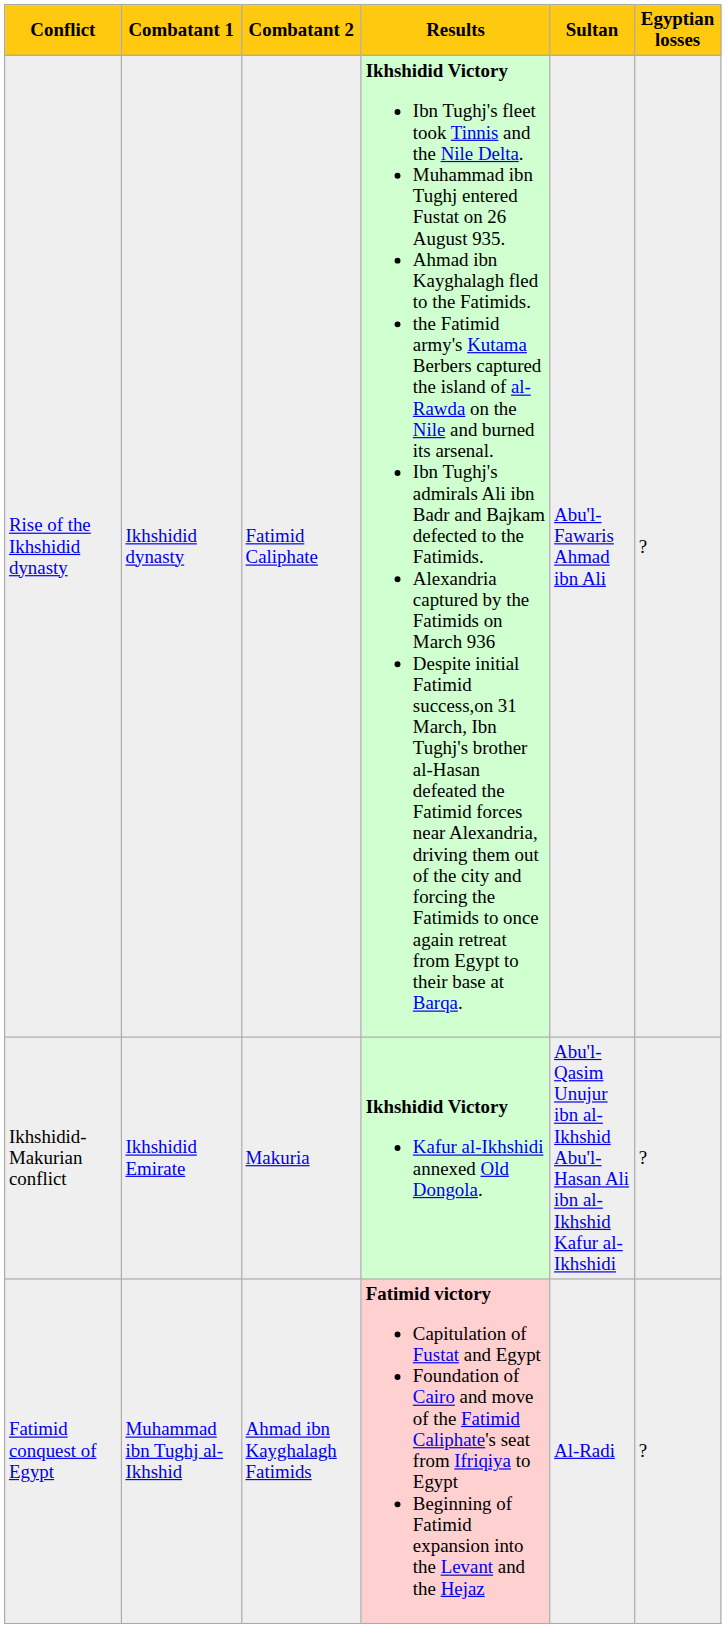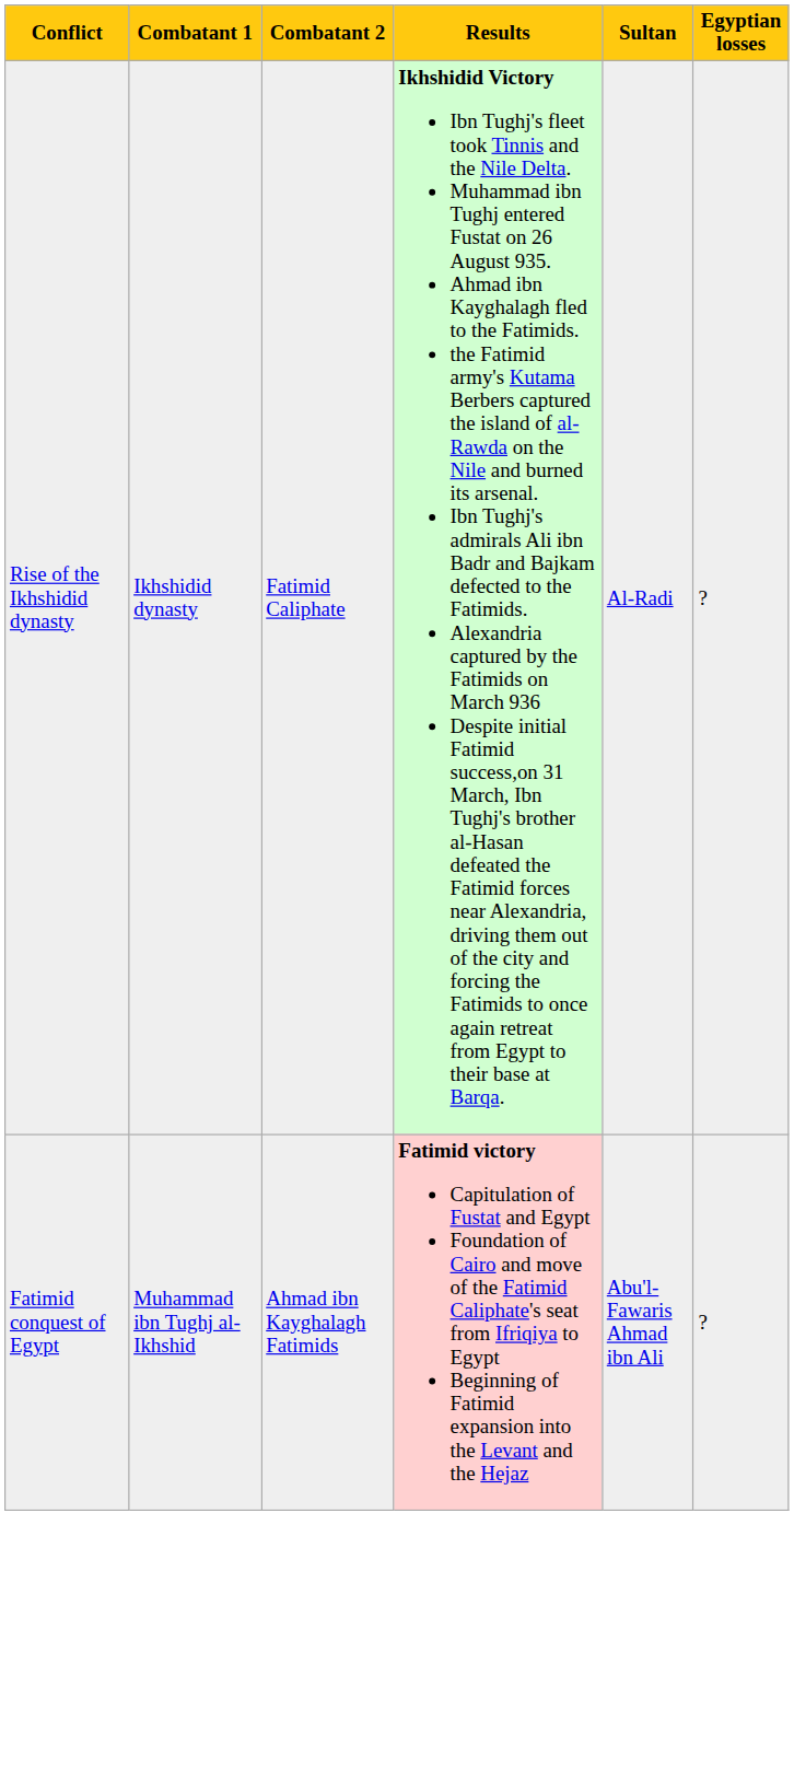 <table class="wikitable">
 <tr>
 <th rowspan="1" style="background:#FFC90F" width="190px"><span>Conflict</span></th>
 <th rowspan="1" style="background:#FFC90F" width="160px"><span>Combatant 1</span></th>
 <th rowspan="1" style="background:#FFC90F" width="160px"><span>Combatant 2</span></th>
 <th rowspan="1" style="background:#FFC90F" width="280px"><span>Results</span></th>
 <th rowspan="1" style="background:#FFC90F" width="110px"><span>Sultan</span></th>
 <th rowspan="1" style="background:#FFC90F" width="80px"><span>Egyptian<br>losses</span></th>
 </tr>
 <tr>
 <td style="background:#efefef"><a href='#'>Rise of the</a> <a href='#'>Ikhshidid dynasty</a></td>
 <td style="background:#efefef"><a href='#'>Ikhshidid dynasty</a></td>
 <td style="background:#efefef"><a href='#'>Fatimid Caliphate</a></td>
 <td style="background:#D0FFD0"><strong>Ikhshidid Victory</strong><br><ul><li>Ibn Tughj's fleet took <a href='#'>Tinnis</a> and the <a href='#'>Nile Delta</a>.</li><li>Muhammad ibn Tughj entered Fustat on 26 August 935.</li><li>Ahmad ibn Kayghalagh fled to the Fatimids.</li><li>the Fatimid army's <a href='#'>Kutama</a> Berbers captured the island of <a href='#'>al-Rawda</a> on the <a href='#'>Nile</a> and burned its arsenal.</li><li>Ibn Tughj's admirals Ali ibn Badr and Bajkam defected to the Fatimids.</li><li>Alexandria captured by the Fatimids on March 936</li><li>Despite initial Fatimid success,on 31 March, Ibn Tughj's brother al-Hasan defeated the Fatimid forces near Alexandria, driving them out of the city and forcing the Fatimids to once again retreat from Egypt to their base at <a href='#'>Barqa</a>.</li></ul></td>
-<td style="background:#efefef"><a href='#'>Abu'l-Fawaris Ahmad ibn Ali</a></td>
-<td style="background:#efefef">?</td>
-</tr>
-<tr>
-<td style="background:#efefef">Ikhshidid-Makurian conflict</td>
-<td style="background:#efefef"><a href='#'>Ikhshidid Emirate</a></td>
-<td style="background:#efefef"><a href='#'>Makuria</a></td>
-<td style="background:#D0FFD0"><strong>Ikhshidid Victory</strong><br><ul><li><a href='#'>Kafur al-Ikhshidi</a> annexed <a href='#'>Old Dongola</a>.</li></ul></td>
-<td style="background:#efefef"><a href='#'>Abu'l-Qasim Unujur ibn al-Ikhshid</a><br><a href='#'>Abu'l-Hasan Ali ibn al-Ikhshid</a> <a href='#'>Kafur al-Ikhshidi</a></td>
+<td style="background:#efefef"><a href='#'>Al-Radi</a></td>
 <td style="background:#efefef">?</td>
 </tr>
 <tr>
 <td style="background:#efefef"><a href='#'>Fatimid conquest of Egypt</a></td>
 <td style="background:#efefef"><a href='#'>Muhammad ibn Tughj al-Ikhshid</a></td>
 <td style="background:#efefef"><a href='#'>Ahmad ibn Kayghalagh</a><br><a href='#'>Fatimids</a></td>
 <td style="background:#FFD0D0"><strong>Fatimid victory</strong><br><ul><li>Capitulation of <a href='#'>Fustat</a> and Egypt</li><li>Foundation of <a href='#'>Cairo</a> and move of the <a href='#'>Fatimid Caliphate</a>'s seat from <a href='#'>Ifriqiya</a> to Egypt</li><li>Beginning of Fatimid expansion into the <a href='#'>Levant</a> and the <a href='#'>Hejaz</a></li></ul></td>
-<td style="background:#efefef"><a href='#'>Al-Radi</a></td>
+<td style="background:#efefef"><a href='#'>Abu'l-Fawaris Ahmad ibn Ali</a></td>
 <td style="background:#efefef">?</td>
 </tr>
 </table>
